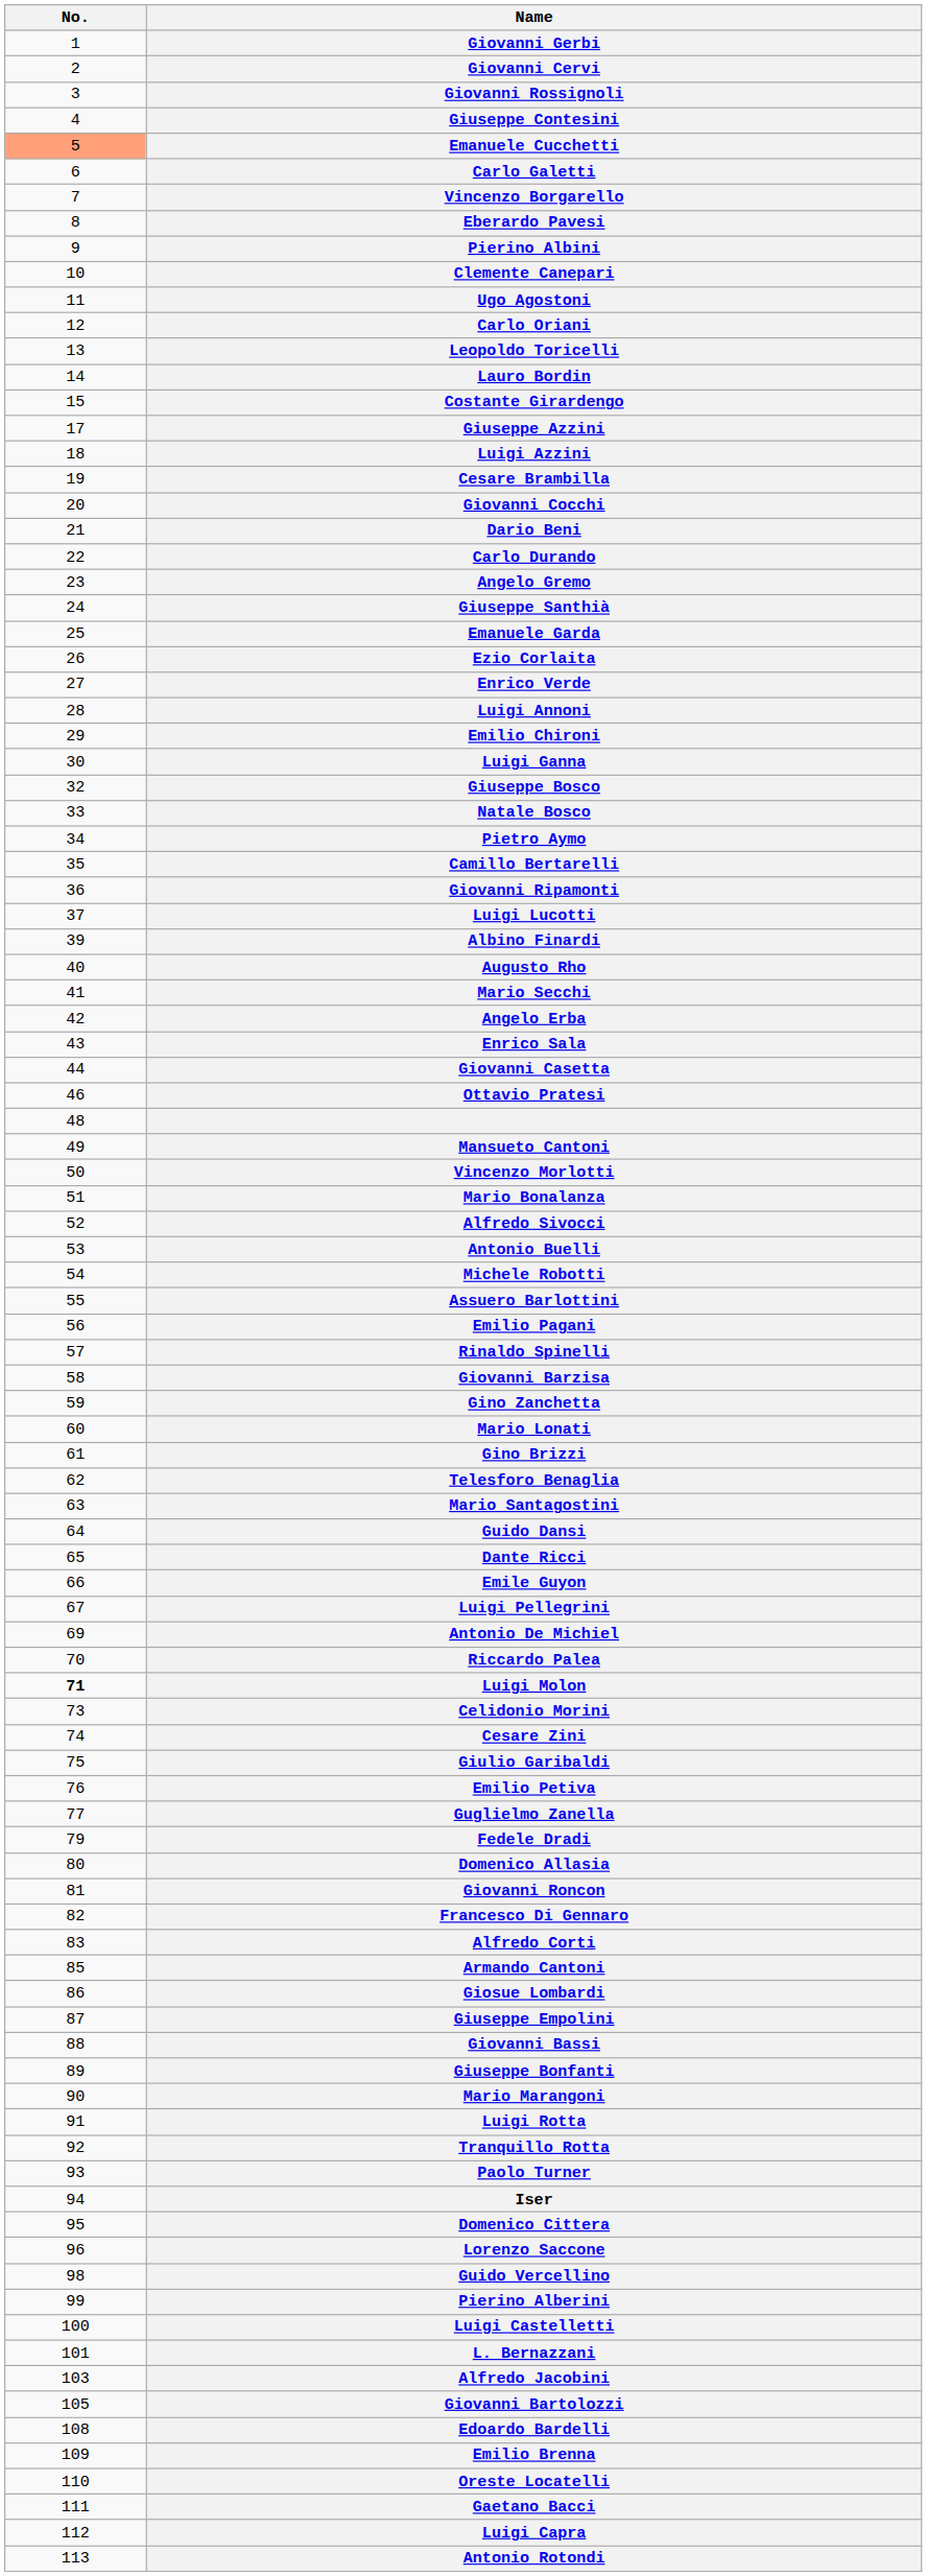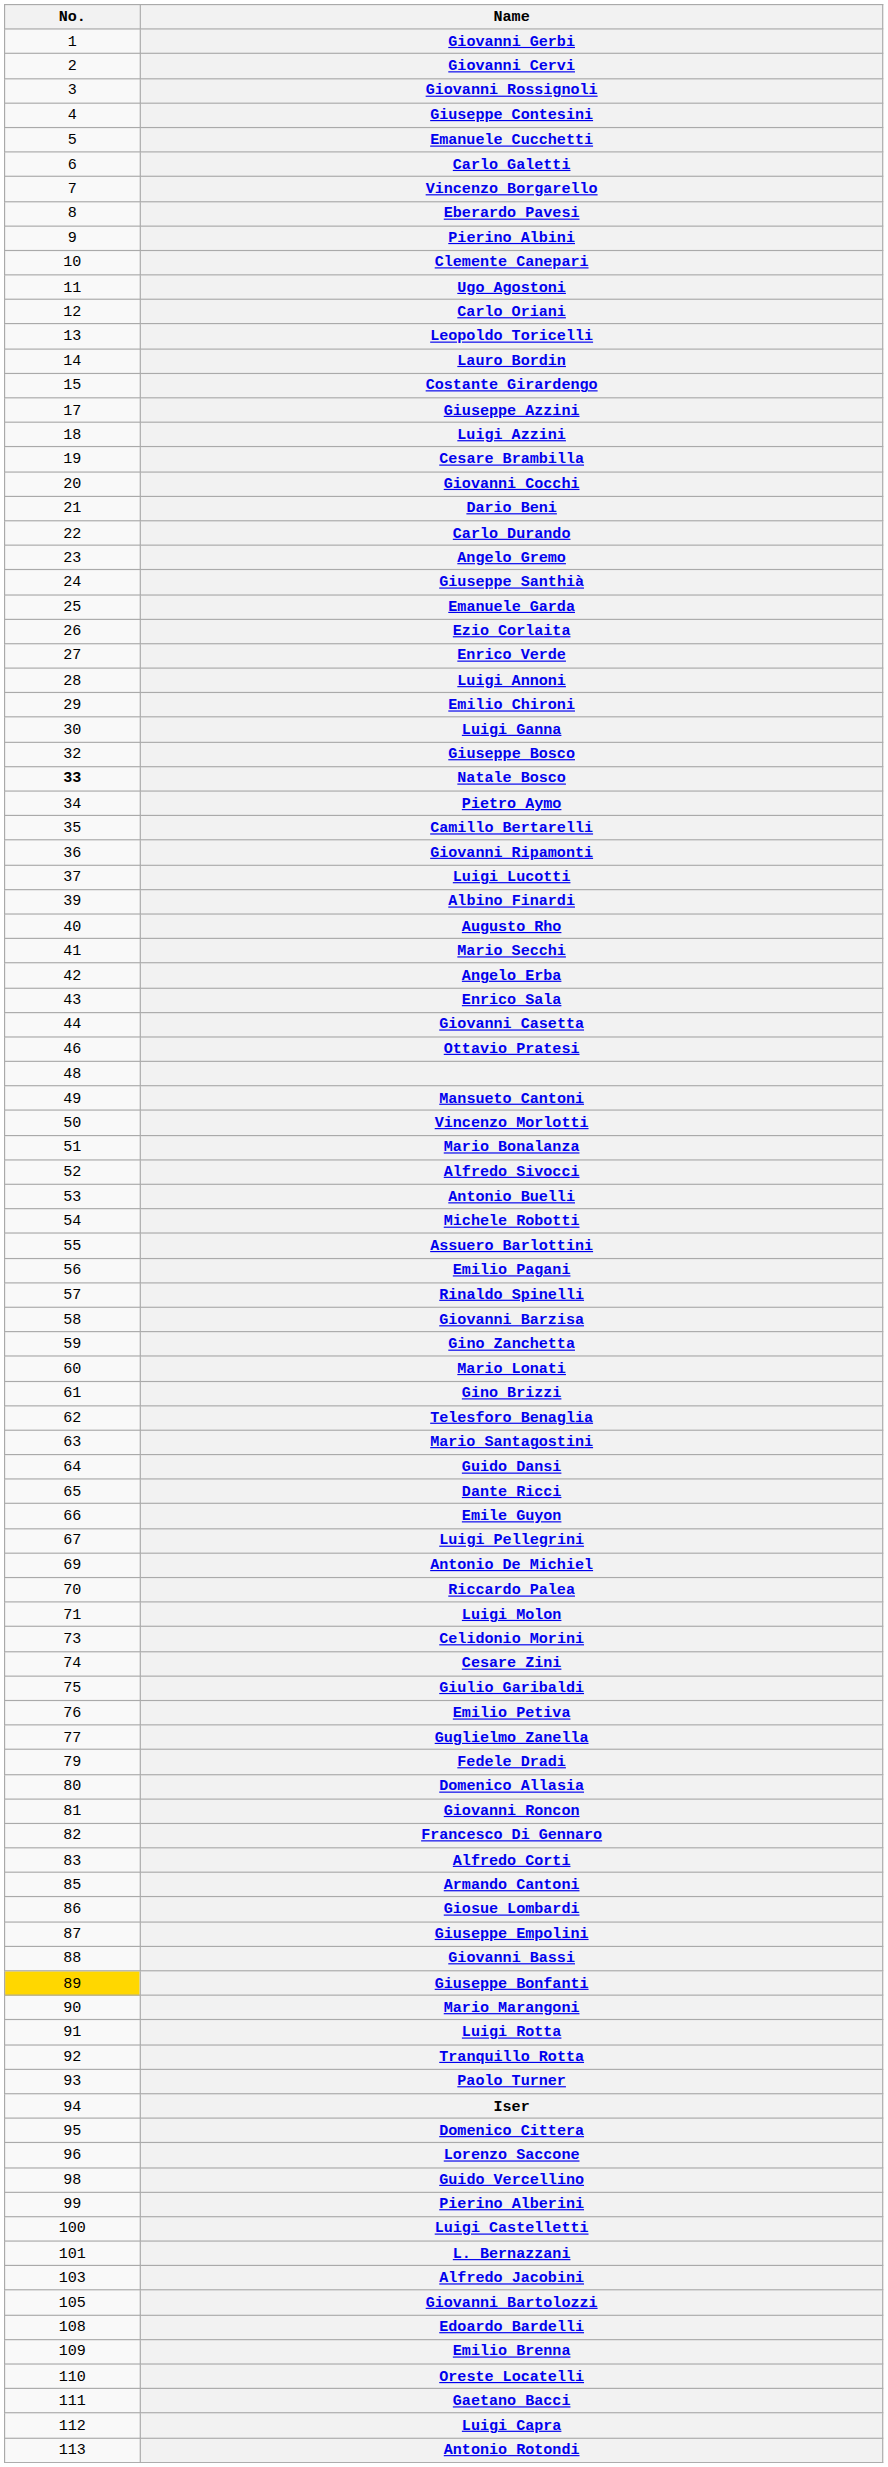 <table class="wikitable plainrowheaders sortable" style="width:60%">
 <tr>
 <th scope="col">No.</th>
 <th scope="col">Name</th>
 </tr>
 <tr>
 <td style="text-align:center;">1</td>
 <th scope="row"><a href='#'>Giovanni Gerbi</a></th>
 </tr>
 <tr>
 <td style="text-align:center;">2</td>
 <th scope="row"><a href='#'>Giovanni Cervi</a></th>
 </tr>
 <tr>
 <td style="text-align:center;">3</td>
 <th scope="row"><a href='#'>Giovanni Rossignoli</a></th>
 </tr>
 <tr>
 <td style="text-align:center;">4</td>
 <th scope="row"><a href='#'>Giuseppe Contesini</a></th>
 </tr>
 <tr>
-<td style="background: lightsalmon; text-align:center;">5</td>
+<td style="text-align:center;">5</td>
 <th scope="row"><a href='#'>Emanuele Cucchetti</a></th>
 </tr>
 <tr>
 <td style="text-align:center;">6</td>
 <th scope="row"><a href='#'>Carlo Galetti</a></th>
 </tr>
 <tr>
 <td style="text-align:center;">7</td>
 <th scope="row"><a href='#'>Vincenzo Borgarello</a></th>
 </tr>
 <tr>
 <td style="text-align:center;">8</td>
 <th scope="row"><a href='#'>Eberardo Pavesi</a></th>
 </tr>
 <tr>
 <td style="text-align:center;">9</td>
 <th scope="row"><a href='#'>Pierino Albini</a></th>
 </tr>
 <tr>
 <td style="text-align:center;">10</td>
 <th scope="row"><a href='#'>Clemente Canepari</a></th>
 </tr>
 <tr>
 <td style="text-align:center;">11</td>
 <th scope="row"><a href='#'>Ugo Agostoni</a></th>
 </tr>
 <tr>
 <td style="text-align:center;">12</td>
 <th scope="row"><a href='#'>Carlo Oriani</a></th>
 </tr>
 <tr>
 <td style="text-align:center;">13</td>
 <th scope="row"><a href='#'>Leopoldo Toricelli</a></th>
 </tr>
 <tr>
 <td style="text-align:center;">14</td>
 <th scope="row"><a href='#'>Lauro Bordin</a></th>
 </tr>
 <tr>
 <td style="text-align:center;">15</td>
 <th scope="row"><a href='#'>Costante Girardengo</a></th>
 </tr>
 <tr>
 <td style="text-align:center;">17</td>
 <th scope="row"><a href='#'>Giuseppe Azzini</a></th>
 </tr>
 <tr>
 <td style="text-align:center;">18</td>
 <th scope="row"><a href='#'>Luigi Azzini</a></th>
 </tr>
 <tr>
 <td style="text-align:center;">19</td>
 <th scope="row"><a href='#'>Cesare Brambilla</a></th>
 </tr>
 <tr>
 <td style="text-align:center;">20</td>
 <th scope="row"><a href='#'>Giovanni Cocchi</a></th>
 </tr>
 <tr>
 <td style="text-align:center;">21</td>
 <th scope="row"><a href='#'>Dario Beni</a></th>
 </tr>
 <tr>
 <td style="text-align:center;">22</td>
 <th scope="row"><a href='#'>Carlo Durando</a></th>
 </tr>
 <tr>
 <td style="text-align:center;">23</td>
 <th scope="row"><a href='#'>Angelo Gremo</a></th>
 </tr>
 <tr>
 <td style="text-align:center;">24</td>
 <th scope="row"><a href='#'>Giuseppe Santhià</a></th>
 </tr>
 <tr>
 <td style="text-align:center;">25</td>
 <th scope="row"><a href='#'>Emanuele Garda</a></th>
 </tr>
 <tr>
 <td style="text-align:center;">26</td>
 <th scope="row"><a href='#'>Ezio Corlaita</a></th>
 </tr>
 <tr>
 <td style="text-align:center;">27</td>
 <th scope="row"><a href='#'>Enrico Verde</a></th>
 </tr>
 <tr>
 <td style="text-align:center;">28</td>
 <th scope="row"><a href='#'>Luigi Annoni</a></th>
 </tr>
 <tr>
 <td style="text-align:center;">29</td>
 <th scope="row"><a href='#'>Emilio Chironi</a></th>
 </tr>
 <tr>
 <td style="text-align:center;">30</td>
 <th scope="row"><a href='#'>Luigi Ganna</a></th>
 </tr>
 <tr>
 <td style="text-align:center;">32</td>
 <th scope="row"><a href='#'>Giuseppe Bosco</a></th>
 </tr>
 <tr>
-<td style="text-align:center;">33</td>
+<td style="text-align:center;"><strong>33</strong></td>
 <th scope="row"><a href='#'>Natale Bosco</a></th>
 </tr>
 <tr>
 <td style="text-align:center;">34</td>
 <th scope="row"><a href='#'>Pietro Aymo</a></th>
 </tr>
 <tr>
 <td style="text-align:center;">35</td>
 <th scope="row"><a href='#'>Camillo Bertarelli</a></th>
 </tr>
 <tr>
 <td style="text-align:center;">36</td>
 <th scope="row"><a href='#'>Giovanni Ripamonti</a></th>
 </tr>
 <tr>
 <td style="text-align:center;">37</td>
 <th scope="row"><a href='#'>Luigi Lucotti</a></th>
 </tr>
 <tr>
 <td style="text-align:center;">39</td>
 <th scope="row"><a href='#'>Albino Finardi</a></th>
 </tr>
 <tr>
 <td style="text-align:center;">40</td>
 <th scope="row"><a href='#'>Augusto Rho</a></th>
 </tr>
 <tr>
 <td style="text-align:center;">41</td>
 <th scope="row"><a href='#'>Mario Secchi</a></th>
 </tr>
 <tr>
 <td style="text-align:center;">42</td>
 <th scope="row"><a href='#'>Angelo Erba</a></th>
 </tr>
 <tr>
 <td style="text-align:center;">43</td>
 <th scope="row"><a href='#'>Enrico Sala</a></th>
 </tr>
 <tr>
 <td style="text-align:center;">44</td>
 <th scope="row"><a href='#'>Giovanni Casetta</a></th>
 </tr>
 <tr>
 <td style="text-align:center;">46</td>
 <th scope="row"><a href='#'>Ottavio Pratesi</a></th>
 </tr>
 <tr>
 <td style="text-align:center;">48</td>
 <th scope="row"></th>
 </tr>
 <tr>
 <td style="text-align:center;">49</td>
 <th scope="row"><a href='#'>Mansueto Cantoni</a></th>
 </tr>
 <tr>
 <td style="text-align:center;">50</td>
 <th scope="row"><a href='#'>Vincenzo Morlotti</a></th>
 </tr>
 <tr>
 <td style="text-align:center;">51</td>
 <th scope="row"><a href='#'>Mario Bonalanza</a></th>
 </tr>
 <tr>
 <td style="text-align:center;">52</td>
 <th scope="row"><a href='#'>Alfredo Sivocci</a></th>
 </tr>
 <tr>
 <td style="text-align:center;">53</td>
 <th scope="row"><a href='#'>Antonio Buelli</a></th>
 </tr>
 <tr>
 <td style="text-align:center;">54</td>
 <th scope="row"><a href='#'>Michele Robotti</a></th>
 </tr>
 <tr>
 <td style="text-align:center;">55</td>
 <th scope="row"><a href='#'>Assuero Barlottini</a></th>
 </tr>
 <tr>
 <td style="text-align:center;">56</td>
 <th scope="row"><a href='#'>Emilio Pagani</a></th>
 </tr>
 <tr>
 <td style="text-align:center;">57</td>
 <th scope="row"><a href='#'>Rinaldo Spinelli</a></th>
 </tr>
 <tr>
 <td style="text-align:center;">58</td>
 <th scope="row"><a href='#'>Giovanni Barzisa</a></th>
 </tr>
 <tr>
 <td style="text-align:center;">59</td>
 <th scope="row"><a href='#'>Gino Zanchetta</a></th>
 </tr>
 <tr>
 <td style="text-align:center;">60</td>
 <th scope="row"><a href='#'>Mario Lonati</a></th>
 </tr>
 <tr>
 <td style="text-align:center;">61</td>
 <th scope="row"><a href='#'>Gino Brizzi</a></th>
 </tr>
 <tr>
 <td style="text-align:center;">62</td>
 <th scope="row"><a href='#'>Telesforo Benaglia</a></th>
 </tr>
 <tr>
 <td style="text-align:center;">63</td>
 <th scope="row"><a href='#'>Mario Santagostini</a></th>
 </tr>
 <tr>
 <td style="text-align:center;">64</td>
 <th scope="row"><a href='#'>Guido Dansi</a></th>
 </tr>
 <tr>
 <td style="text-align:center;">65</td>
 <th scope="row"><a href='#'>Dante Ricci</a></th>
 </tr>
 <tr>
 <td style="text-align:center;">66</td>
 <th scope="row"><a href='#'>Emile Guyon</a></th>
 </tr>
 <tr>
 <td style="text-align:center;">67</td>
 <th scope="row"><a href='#'>Luigi Pellegrini</a></th>
 </tr>
 <tr>
 <td style="text-align:center;">69</td>
 <th scope="row"><a href='#'>Antonio De Michiel</a></th>
 </tr>
 <tr>
 <td style="text-align:center;">70</td>
 <th scope="row"><a href='#'>Riccardo Palea</a></th>
 </tr>
 <tr>
-<td style="text-align:center;"><strong>71</strong></td>
+<td style="text-align:center;">71</td>
 <th scope="row"><a href='#'>Luigi Molon</a></th>
 </tr>
 <tr>
 <td style="text-align:center;">73</td>
 <th scope="row"><a href='#'>Celidonio Morini</a></th>
 </tr>
 <tr>
 <td style="text-align:center;">74</td>
 <th scope="row"><a href='#'>Cesare Zini</a></th>
 </tr>
 <tr>
 <td style="text-align:center;">75</td>
 <th scope="row"><a href='#'>Giulio Garibaldi</a></th>
 </tr>
 <tr>
 <td style="text-align:center;">76</td>
 <th scope="row"><a href='#'>Emilio Petiva</a></th>
 </tr>
 <tr>
 <td style="text-align:center;">77</td>
 <th scope="row"><a href='#'>Guglielmo Zanella</a></th>
 </tr>
 <tr>
 <td style="text-align:center;">79</td>
 <th scope="row"><a href='#'>Fedele Dradi</a></th>
 </tr>
 <tr>
 <td style="text-align:center;">80</td>
 <th scope="row"><a href='#'>Domenico Allasia</a></th>
 </tr>
 <tr>
 <td style="text-align:center;">81</td>
 <th scope="row"><a href='#'>Giovanni Roncon</a></th>
 </tr>
 <tr>
 <td style="text-align:center;">82</td>
 <th scope="row"><a href='#'>Francesco Di Gennaro</a></th>
 </tr>
 <tr>
 <td style="text-align:center;">83</td>
 <th scope="row"><a href='#'>Alfredo Corti</a></th>
 </tr>
 <tr>
 <td style="text-align:center;">85</td>
 <th scope="row"><a href='#'>Armando Cantoni</a></th>
 </tr>
 <tr>
 <td style="text-align:center;">86</td>
 <th scope="row"><a href='#'>Giosue Lombardi</a></th>
 </tr>
 <tr>
 <td style="text-align:center;">87</td>
 <th scope="row"><a href='#'>Giuseppe Empolini</a></th>
 </tr>
 <tr>
 <td style="text-align:center;">88</td>
 <th scope="row"><a href='#'>Giovanni Bassi</a></th>
 </tr>
 <tr>
-<td style="text-align:center;">89</td>
+<td style="background: gold; text-align:center;">89</td>
 <th scope="row"><a href='#'>Giuseppe Bonfanti</a></th>
 </tr>
 <tr>
 <td style="text-align:center;">90</td>
 <th scope="row"><a href='#'>Mario Marangoni</a></th>
 </tr>
 <tr>
 <td style="text-align:center;">91</td>
 <th scope="row"><a href='#'>Luigi Rotta</a></th>
 </tr>
 <tr>
 <td style="text-align:center;">92</td>
 <th scope="row"><a href='#'>Tranquillo Rotta</a></th>
 </tr>
 <tr>
 <td style="text-align:center;">93</td>
 <th scope="row"><a href='#'>Paolo Turner</a></th>
 </tr>
 <tr>
 <td style="text-align:center;">94</td>
 <th scope="row">Iser</th>
 </tr>
 <tr>
 <td style="text-align:center;">95</td>
 <th scope="row"><a href='#'>Domenico Cittera</a></th>
 </tr>
 <tr>
 <td style="text-align:center;">96</td>
 <th scope="row"><a href='#'>Lorenzo Saccone</a></th>
 </tr>
 <tr>
 <td style="text-align:center;">98</td>
 <th scope="row"><a href='#'>Guido Vercellino</a></th>
 </tr>
 <tr>
 <td style="text-align:center;">99</td>
 <th scope="row"><a href='#'>Pierino Alberini</a></th>
 </tr>
 <tr>
 <td style="text-align:center;">100</td>
 <th scope="row"><a href='#'>Luigi Castelletti</a></th>
 </tr>
 <tr>
 <td style="text-align:center;">101</td>
 <th scope="row"><a href='#'>L. Bernazzani</a></th>
 </tr>
 <tr>
 <td style="text-align:center;">103</td>
 <th scope="row"><a href='#'>Alfredo Jacobini</a></th>
 </tr>
 <tr>
 <td style="text-align:center;">105</td>
 <th scope="row"><a href='#'>Giovanni Bartolozzi</a></th>
 </tr>
 <tr>
 <td style="text-align:center;">108</td>
 <th scope="row"><a href='#'>Edoardo Bardelli</a></th>
 </tr>
 <tr>
 <td style="text-align:center;">109</td>
 <th scope="row"><a href='#'>Emilio Brenna</a></th>
 </tr>
 <tr>
 <td style="text-align:center;">110</td>
 <th scope="row"><a href='#'>Oreste Locatelli</a></th>
 </tr>
 <tr>
 <td style="text-align:center;">111</td>
 <th scope="row"><a href='#'>Gaetano Bacci</a></th>
 </tr>
 <tr>
 <td style="text-align:center;">112</td>
 <th scope="row"><a href='#'>Luigi Capra</a></th>
 </tr>
 <tr>
 <td style="text-align:center;">113</td>
 <th scope="row"><a href='#'>Antonio Rotondi</a></th>
 </tr>
 </table>
